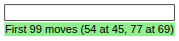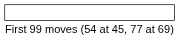 <table style="display:inline; display:inline-table;">
 <tr>
 <td style="border: solid thin; padding: 2px;"><br></td>
 </tr>
 <tr>
-<td style="background: lightgreen; text-align:center">First 99 moves (54 at 45, 77 at 69)</td>
+<td style="text-align:center">First 99 moves (54 at 45, 77 at 69)</td>
 </tr>
 </table>
